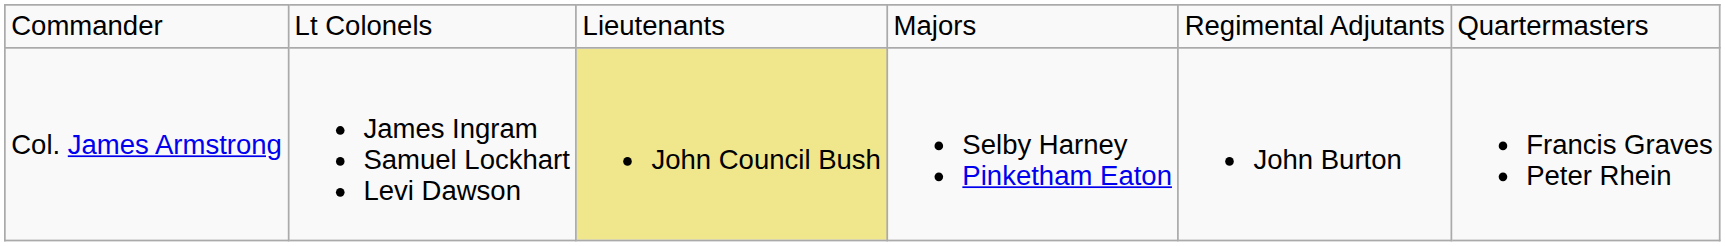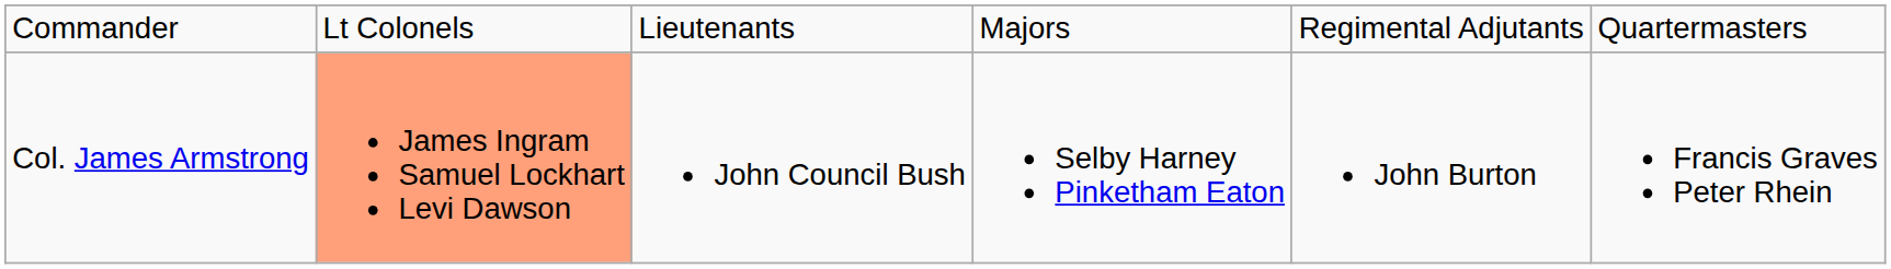 <table class="wikitable">
 <tr>
 <td>Commander</td>
 <td>Lt Colonels</td>
 <td>Lieutenants</td>
 <td>Majors</td>
 <td>Regimental Adjutants</td>
 <td>Quartermasters</td>
 </tr>
 <tr>
 <td>Col. <a href='#'>James Armstrong</a></td>
-<td><br><ul><li>James Ingram</li><li>Samuel Lockhart</li><li>Levi Dawson</li></ul></td>
-<td style="background: khaki;"><br><ul><li>John Council Bush</li></ul></td>
+<td style="background: lightsalmon;"><br><ul><li>James Ingram</li><li>Samuel Lockhart</li><li>Levi Dawson</li></ul></td>
+<td><br><ul><li>John Council Bush</li></ul></td>
 <td><br><ul><li>Selby Harney</li><li><a href='#'>Pinketham Eaton</a></li></ul></td>
 <td><br><ul><li>John Burton</li></ul></td>
 <td><br><ul><li>Francis Graves</li><li>Peter Rhein</li></ul></td>
 </tr>
 </table>
